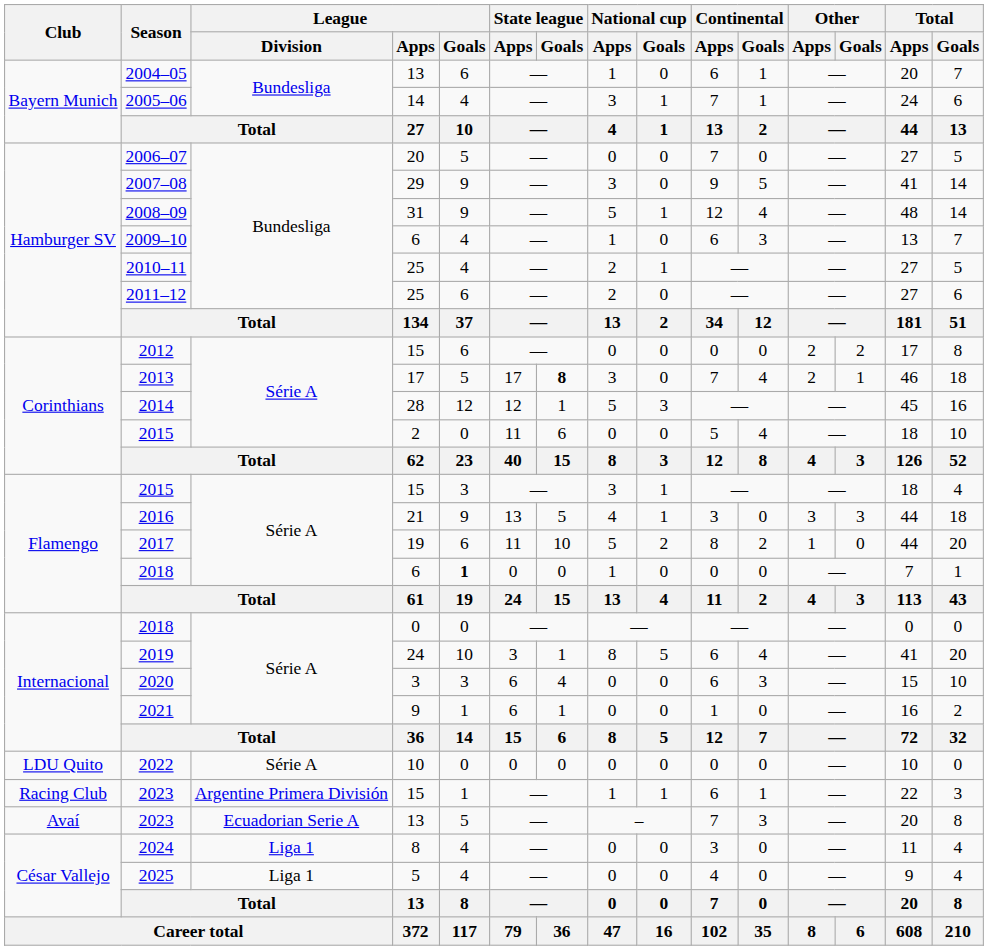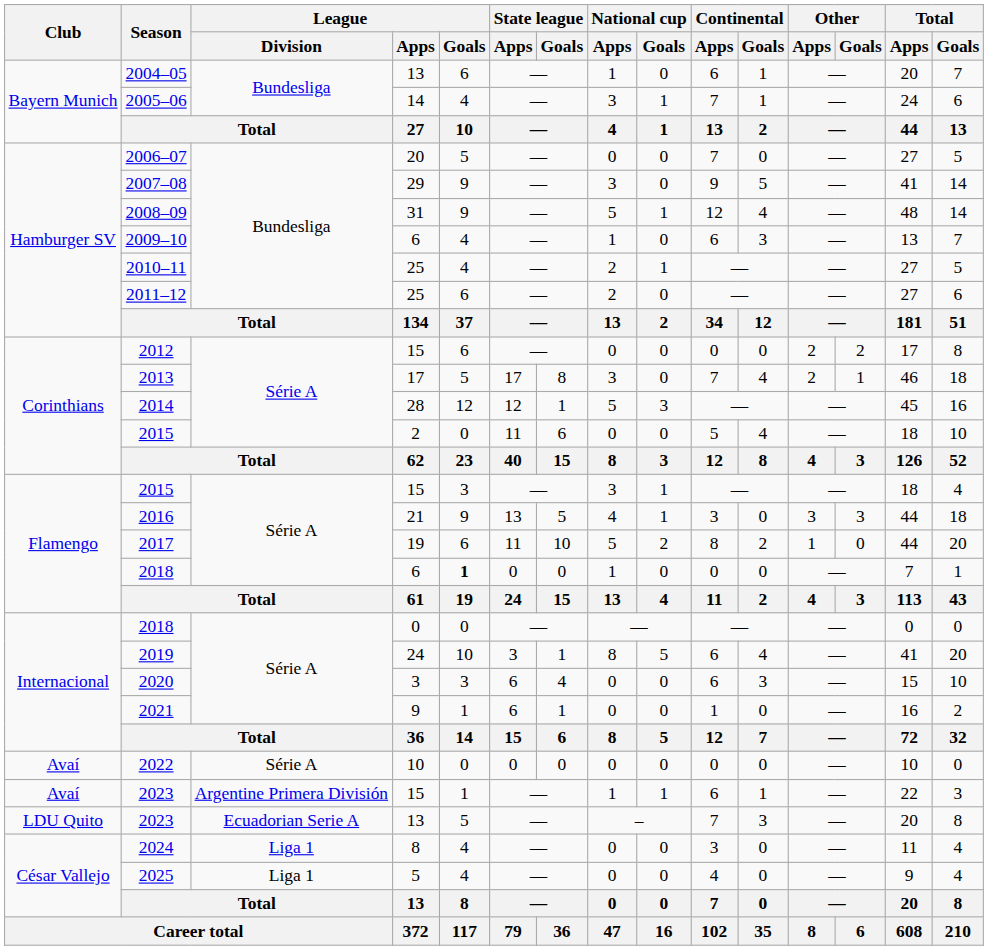 <table align="center" class="wikitable" style="text-align: center;">
 <tr>
 <th rowspan="2">Club</th>
 <th rowspan="2">Season</th>
 <th colspan="3">League</th>
 <th colspan="2">State league</th>
 <th colspan="2">National cup</th>
 <th colspan="2">Continental</th>
 <th colspan="2">Other</th>
 <th colspan="2">Total</th>
 </tr>
 <tr>
 <th>Division</th>
 <th>Apps</th>
 <th>Goals</th>
 <th>Apps</th>
 <th>Goals</th>
 <th>Apps</th>
 <th>Goals</th>
 <th>Apps</th>
 <th>Goals</th>
 <th>Apps</th>
 <th>Goals</th>
 <th>Apps</th>
 <th>Goals</th>
 </tr>
 <tr>
 <td rowspan="3"><a href='#'>Bayern Munich</a></td>
 <td><a href='#'>2004–05</a></td>
 <td rowspan="2"><a href='#'>Bundesliga</a></td>
 <td>13</td>
 <td>6</td>
 <td colspan="2">—</td>
 <td>1</td>
 <td>0</td>
 <td>6</td>
 <td>1</td>
 <td colspan="2">—</td>
 <td>20</td>
 <td>7</td>
 </tr>
 <tr>
 <td><a href='#'>2005–06</a></td>
 <td>14</td>
 <td>4</td>
 <td colspan="2">—</td>
 <td>3</td>
 <td>1</td>
 <td>7</td>
 <td>1</td>
 <td colspan="2">—</td>
 <td>24</td>
 <td>6</td>
 </tr>
 <tr>
 <th colspan="2">Total</th>
 <th>27</th>
 <th>10</th>
 <th colspan="2">—</th>
 <th>4</th>
 <th>1</th>
 <th>13</th>
 <th>2</th>
 <th colspan="2">—</th>
 <th>44</th>
 <th>13</th>
 </tr>
 <tr>
 <td rowspan="7"><a href='#'>Hamburger SV</a></td>
 <td><a href='#'>2006–07</a></td>
 <td rowspan="6">Bundesliga</td>
 <td>20</td>
 <td>5</td>
 <td colspan="2">—</td>
 <td>0</td>
 <td>0</td>
 <td>7</td>
 <td>0</td>
 <td colspan="2">—</td>
 <td>27</td>
 <td>5</td>
 </tr>
 <tr>
 <td><a href='#'>2007–08</a></td>
 <td>29</td>
 <td>9</td>
 <td colspan="2">—</td>
 <td>3</td>
 <td>0</td>
 <td>9</td>
 <td>5</td>
 <td colspan="2">—</td>
 <td>41</td>
 <td>14</td>
 </tr>
 <tr>
 <td><a href='#'>2008–09</a></td>
 <td>31</td>
 <td>9</td>
 <td colspan="2">—</td>
 <td>5</td>
 <td>1</td>
 <td>12</td>
 <td>4</td>
 <td colspan="2">—</td>
 <td>48</td>
 <td>14</td>
 </tr>
 <tr>
 <td><a href='#'>2009–10</a></td>
 <td>6</td>
 <td>4</td>
 <td colspan="2">—</td>
 <td>1</td>
 <td>0</td>
 <td>6</td>
 <td>3</td>
 <td colspan="2">—</td>
 <td>13</td>
 <td>7</td>
 </tr>
 <tr>
 <td><a href='#'>2010–11</a></td>
 <td>25</td>
 <td>4</td>
 <td colspan="2">—</td>
 <td>2</td>
 <td>1</td>
 <td colspan="2">—</td>
 <td colspan="2">—</td>
 <td>27</td>
 <td>5</td>
 </tr>
 <tr>
 <td><a href='#'>2011–12</a></td>
 <td>25</td>
 <td>6</td>
 <td colspan="2">—</td>
 <td>2</td>
 <td>0</td>
 <td colspan="2">—</td>
 <td colspan="2">—</td>
 <td>27</td>
 <td>6</td>
 </tr>
 <tr>
 <th colspan="2">Total</th>
 <th>134</th>
 <th>37</th>
 <th colspan="2">—</th>
 <th>13</th>
 <th>2</th>
 <th>34</th>
 <th>12</th>
 <th colspan="2">—</th>
 <th>181</th>
 <th>51</th>
 </tr>
 <tr>
 <td rowspan="5"><a href='#'>Corinthians</a></td>
 <td><a href='#'>2012</a></td>
 <td rowspan="4"><a href='#'>Série A</a></td>
 <td>15</td>
 <td>6</td>
 <td colspan="2">—</td>
 <td>0</td>
 <td>0</td>
 <td>0</td>
 <td>0</td>
 <td>2</td>
 <td>2</td>
 <td>17</td>
 <td>8</td>
 </tr>
 <tr>
 <td><a href='#'>2013</a></td>
 <td>17</td>
 <td>5</td>
 <td>17</td>
-<td><strong>8</strong></td>
+<td>8</td>
 <td>3</td>
 <td>0</td>
 <td>7</td>
 <td>4</td>
 <td>2</td>
 <td>1</td>
 <td>46</td>
 <td>18</td>
 </tr>
 <tr>
 <td><a href='#'>2014</a></td>
 <td>28</td>
 <td>12</td>
 <td>12</td>
 <td>1</td>
 <td>5</td>
 <td>3</td>
 <td colspan="2">—</td>
 <td colspan="2">—</td>
 <td>45</td>
 <td>16</td>
 </tr>
 <tr>
 <td><a href='#'>2015</a></td>
 <td>2</td>
 <td>0</td>
 <td>11</td>
 <td>6</td>
 <td>0</td>
 <td>0</td>
 <td>5</td>
 <td>4</td>
 <td colspan="2">—</td>
 <td>18</td>
 <td>10</td>
 </tr>
 <tr>
 <th colspan="2">Total</th>
 <th>62</th>
 <th>23</th>
 <th>40</th>
 <th>15</th>
 <th>8</th>
 <th>3</th>
 <th>12</th>
 <th>8</th>
 <th>4</th>
 <th>3</th>
 <th>126</th>
 <th>52</th>
 </tr>
 <tr>
 <td rowspan="5"><a href='#'>Flamengo</a></td>
 <td><a href='#'>2015</a></td>
 <td rowspan="4">Série A</td>
 <td>15</td>
 <td>3</td>
 <td colspan="2">—</td>
 <td>3</td>
 <td>1</td>
 <td colspan="2">—</td>
 <td colspan="2">—</td>
 <td>18</td>
 <td>4</td>
 </tr>
 <tr>
 <td><a href='#'>2016</a></td>
 <td>21</td>
 <td>9</td>
 <td>13</td>
 <td>5</td>
 <td>4</td>
 <td>1</td>
 <td>3</td>
 <td>0</td>
 <td>3</td>
 <td>3</td>
 <td>44</td>
 <td>18</td>
 </tr>
 <tr>
 <td><a href='#'>2017</a></td>
 <td>19</td>
 <td>6</td>
 <td>11</td>
 <td>10</td>
 <td>5</td>
 <td>2</td>
 <td>8</td>
 <td>2</td>
 <td>1</td>
 <td>0</td>
 <td>44</td>
 <td>20</td>
 </tr>
 <tr>
 <td><a href='#'>2018</a></td>
 <td>6</td>
 <td><strong>1</strong></td>
 <td>0</td>
 <td>0</td>
 <td>1</td>
 <td>0</td>
 <td>0</td>
 <td>0</td>
 <td colspan="2">—</td>
 <td>7</td>
 <td>1</td>
 </tr>
 <tr>
 <th colspan="2">Total</th>
 <th>61</th>
 <th>19</th>
 <th>24</th>
 <th>15</th>
 <th>13</th>
 <th>4</th>
 <th>11</th>
 <th>2</th>
 <th>4</th>
 <th>3</th>
 <th>113</th>
 <th>43</th>
 </tr>
 <tr>
 <td rowspan="5"><a href='#'>Internacional</a></td>
 <td><a href='#'>2018</a></td>
 <td rowspan="4">Série A</td>
 <td>0</td>
 <td>0</td>
 <td colspan="2">—</td>
 <td colspan="2">—</td>
 <td colspan="2">—</td>
 <td colspan="2">—</td>
 <td>0</td>
 <td>0</td>
 </tr>
 <tr>
 <td><a href='#'>2019</a></td>
 <td>24</td>
 <td>10</td>
 <td>3</td>
 <td>1</td>
 <td>8</td>
 <td>5</td>
 <td>6</td>
 <td>4</td>
 <td colspan="2">—</td>
 <td>41</td>
 <td>20</td>
 </tr>
 <tr>
 <td><a href='#'>2020</a></td>
 <td>3</td>
 <td>3</td>
 <td>6</td>
 <td>4</td>
 <td>0</td>
 <td>0</td>
 <td>6</td>
 <td>3</td>
 <td colspan="2">—</td>
 <td>15</td>
 <td>10</td>
 </tr>
 <tr>
 <td><a href='#'>2021</a></td>
 <td>9</td>
 <td>1</td>
 <td>6</td>
 <td>1</td>
 <td>0</td>
 <td>0</td>
 <td>1</td>
 <td>0</td>
 <td colspan="2">—</td>
 <td>16</td>
 <td>2</td>
 </tr>
 <tr>
 <th colspan="2">Total</th>
 <th>36</th>
 <th>14</th>
 <th>15</th>
 <th>6</th>
 <th>8</th>
 <th>5</th>
 <th>12</th>
 <th>7</th>
 <th colspan="2">—</th>
 <th>72</th>
 <th>32</th>
 </tr>
 <tr>
-<td><a href='#'>LDU Quito</a></td>
+<td><a href='#'>Avaí</a></td>
 <td><a href='#'>2022</a></td>
 <td>Série A</td>
 <td>10</td>
 <td>0</td>
 <td>0</td>
 <td>0</td>
 <td>0</td>
 <td>0</td>
 <td>0</td>
 <td>0</td>
 <td colspan="2">—</td>
 <td>10</td>
 <td>0</td>
 </tr>
 <tr>
-<td><a href='#'>Racing Club</a></td>
+<td><a href='#'>Avaí</a></td>
 <td><a href='#'>2023</a></td>
 <td><a href='#'>Argentine Primera División</a></td>
 <td>15</td>
 <td>1</td>
 <td colspan="2">—</td>
 <td>1</td>
 <td>1</td>
 <td>6</td>
 <td>1</td>
 <td colspan="2">—</td>
 <td>22</td>
 <td>3</td>
 </tr>
 <tr>
-<td><a href='#'>Avaí</a></td>
+<td><a href='#'>LDU Quito</a></td>
 <td><a href='#'>2023</a></td>
 <td><a href='#'>Ecuadorian Serie A</a></td>
 <td>13</td>
 <td>5</td>
 <td colspan="2">—</td>
 <td colspan="2">–</td>
 <td>7</td>
 <td>3</td>
 <td colspan="2">—</td>
 <td>20</td>
 <td>8</td>
 </tr>
 <tr>
 <td rowspan="3'"><a href='#'>César Vallejo</a></td>
 <td><a href='#'>2024</a></td>
 <td><a href='#'>Liga 1</a></td>
 <td>8</td>
 <td>4</td>
 <td colspan="2">—</td>
 <td>0</td>
 <td>0</td>
 <td>3</td>
 <td>0</td>
 <td colspan="2">—</td>
 <td>11</td>
 <td>4</td>
 </tr>
 <tr>
 <td><a href='#'>2025</a></td>
 <td>Liga 1</td>
 <td>5</td>
 <td>4</td>
 <td colspan="2">—</td>
 <td>0</td>
 <td>0</td>
 <td>4</td>
 <td>0</td>
 <td colspan="2">—</td>
 <td>9</td>
 <td>4</td>
 </tr>
 <tr>
 <th colspan="2">Total</th>
 <th>13</th>
 <th>8</th>
 <th colspan="2">—</th>
 <th>0</th>
 <th>0</th>
 <th>7</th>
 <th>0</th>
 <th colspan="2">—</th>
 <th>20</th>
 <th>8</th>
 </tr>
 <tr>
 <th colspan="3">Career total</th>
 <th>372</th>
 <th>117</th>
 <th>79</th>
 <th>36</th>
 <th>47</th>
 <th>16</th>
 <th>102</th>
 <th>35</th>
 <th>8</th>
 <th>6</th>
 <th>608</th>
 <th>210</th>
 </tr>
 </table>
